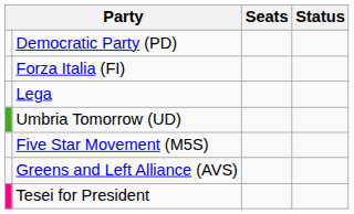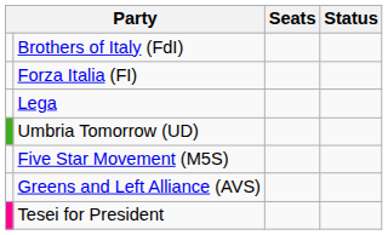 <table class=wikitable>
 <tr>
 <th colspan=2>Party</th>
 <th>Seats</th>
 <th>Status</th>
 </tr>
 <tr>
 <td></td>
-<td><a href='#'>Democratic Party</a> (PD)</td>
+<td><a href='#'>Brothers of Italy</a> (FdI)</td>
 <td></td>
 <td></td>
 </tr>
 <tr>
 <td></td>
 <td><a href='#'>Forza Italia</a> (FI)</td>
 <td></td>
 <td></td>
 </tr>
 <tr>
 <td></td>
 <td><a href='#'>Lega</a></td>
 <td></td>
 <td></td>
 </tr>
 <tr>
 <td bgcolor="#3FAD1E"></td>
 <td>Umbria Tomorrow (UD)</td>
 <td></td>
 <td></td>
 </tr>
 <tr>
 <td></td>
 <td><a href='#'>Five Star Movement</a> (M5S)</td>
 <td></td>
 <td></td>
 </tr>
 <tr>
 <td></td>
 <td><a href='#'>Greens and Left Alliance</a> (AVS)</td>
 <td></td>
 <td></td>
 </tr>
 <tr>
 <td bgcolor="#FF0090"></td>
 <td>Tesei for President</td>
 <td></td>
 <td></td>
 </tr>
 </table>
